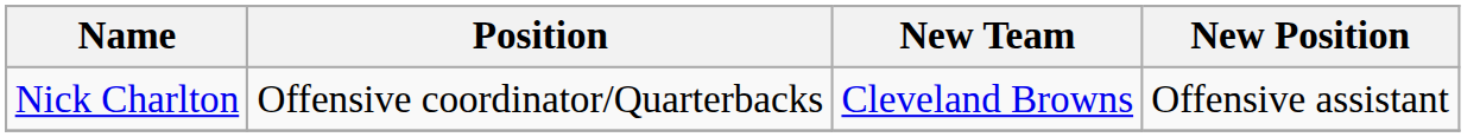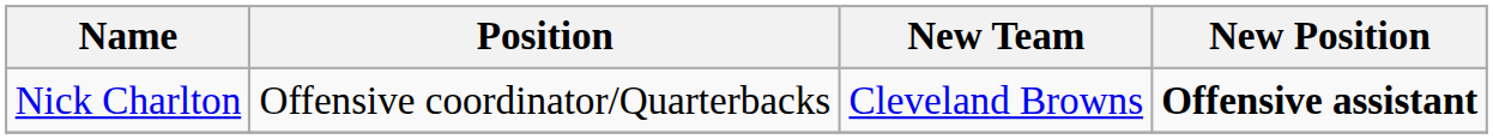 <table class="wikitable">
 <tr>
 <th style="text-align:center; ">Name</th>
 <th style="text-align:center; ">Position</th>
 <th style="text-align:center; ">New Team</th>
 <th style="text-align:center; ">New Position</th>
 </tr>
 <tr>
 <td><a href='#'>Nick Charlton</a></td>
 <td>Offensive coordinator/Quarterbacks</td>
 <td><a href='#'>Cleveland Browns</a></td>
-<td>Offensive assistant</td>
+<td><strong>Offensive assistant</strong></td>
 </tr>
 <tr>
 </tr>
 </table>
